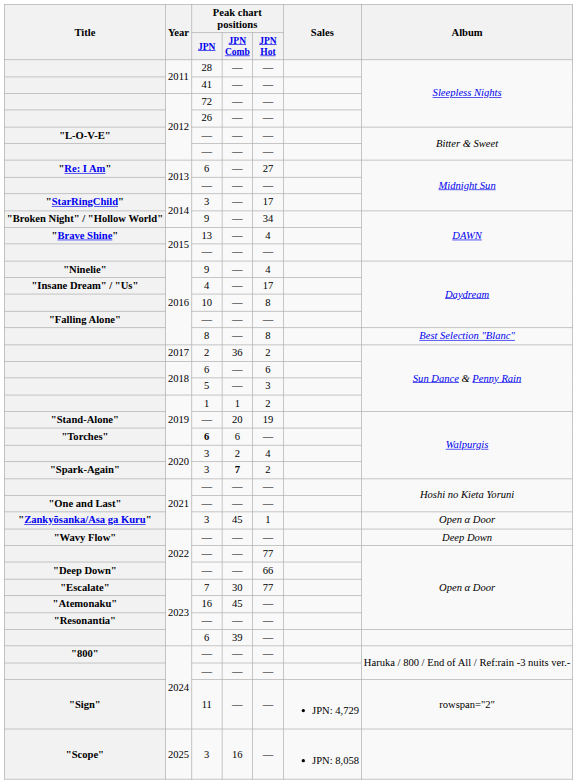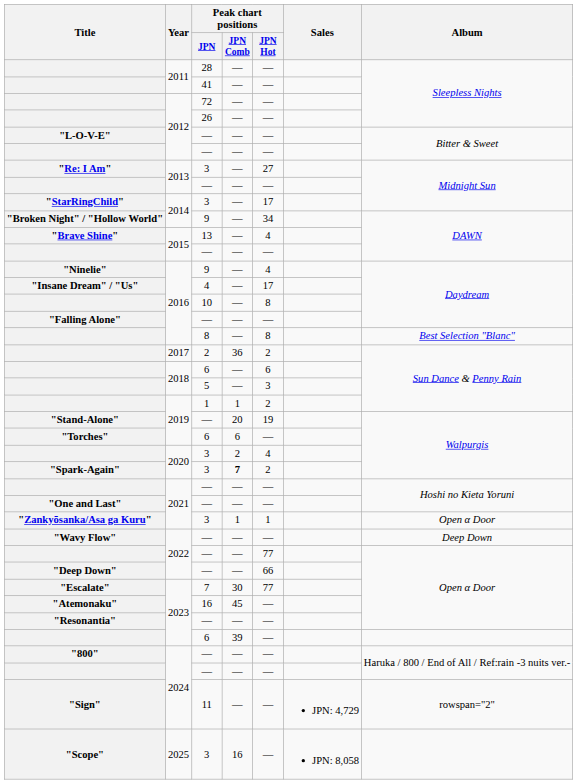 <table class="wikitable plainrowheaders" style="text-align:center">
 <tr>
 <th scope="col" rowspan="2">Title</th>
 <th scope="col" rowspan="2">Year</th>
 <th scope="col" colspan="3">Peak chart positions</th>
 <th scope="col" rowspan="2">Sales</th>
 <th rowspan="2" scope="col">Album</th>
 </tr>
 <tr>
 <th scope="col" style="font-size:90%; width:2.75em"><a href='#'>JPN</a><br></th>
 <th scope="col" style="font-size:90%; width:2.75em"><a href='#'>JPN<br>Comb</a><br></th>
 <th scope="col" style="font-size:90%; width:2.75em"><a href='#'>JPN<br>Hot</a><br></th>
 </tr>
 <tr>
 <th scope="row"></th>
 <td rowspan="2">2011</td>
 <td>28</td>
 <td>—</td>
 <td>—</td>
 <td></td>
 <td rowspan="4"><em><a href='#'>Sleepless Nights</a></em></td>
 </tr>
 <tr>
 <th scope="row"></th>
 <td>41</td>
 <td>—</td>
 <td>—</td>
 <td></td>
 </tr>
 <tr>
 <th scope="row"></th>
 <td rowspan="4">2012</td>
 <td>72</td>
 <td>—</td>
 <td>—</td>
 <td></td>
 </tr>
 <tr>
 <th scope="row"></th>
 <td>26</td>
 <td>—</td>
 <td>—</td>
 <td></td>
 </tr>
 <tr>
 <th scope="row">"L-O-V-E"</th>
 <td>—</td>
 <td>—</td>
 <td>—</td>
 <td></td>
 <td rowspan="2"><em>Bitter & Sweet</em></td>
 </tr>
 <tr>
 <th scope="row"></th>
 <td>—</td>
 <td>—</td>
 <td>—</td>
 <td></td>
 </tr>
 <tr>
 <th scope="row">"<a href='#'>Re: I Am</a>"</th>
 <td rowspan="2">2013</td>
-<td>6</td>
+<td>3</td>
 <td>—</td>
 <td>27</td>
 <td></td>
 <td rowspan="3"><em><a href='#'>Midnight Sun</a></em></td>
 </tr>
 <tr>
 <th scope="row"></th>
 <td>—</td>
 <td>—</td>
 <td>—</td>
 <td></td>
 </tr>
 <tr>
 <th scope="row">"<a href='#'>StarRingChild</a>"</th>
 <td rowspan="2">2014</td>
 <td>3</td>
 <td>—</td>
 <td>17</td>
 <td></td>
 </tr>
 <tr>
 <th scope="row">"Broken Night" / "Hollow World"</th>
 <td>9</td>
 <td>—</td>
 <td>34</td>
 <td></td>
 <td rowspan="3"><em><a href='#'>DAWN</a></em></td>
 </tr>
 <tr>
 <th scope="row">"<a href='#'>Brave Shine</a>"</th>
 <td rowspan="2">2015</td>
 <td>13</td>
 <td>—</td>
 <td>4</td>
 <td></td>
 </tr>
 <tr>
 <th scope="row"></th>
 <td>—</td>
 <td>—</td>
 <td>—</td>
 <td></td>
 </tr>
 <tr>
 <th scope="row">"Ninelie"</th>
 <td rowspan="5">2016</td>
 <td>9</td>
 <td>—</td>
 <td>4</td>
 <td></td>
 <td rowspan="4"><em><a href='#'>Daydream</a></em></td>
 </tr>
 <tr>
 <th scope="row">"Insane Dream" / "Us"</th>
 <td>4</td>
 <td>—</td>
 <td>17</td>
 <td></td>
 </tr>
 <tr>
 <th scope="row"></th>
 <td>10</td>
 <td>—</td>
 <td>8</td>
 <td></td>
 </tr>
 <tr>
 <th scope="row">"Falling Alone"</th>
 <td>—</td>
 <td>—</td>
 <td>—</td>
 <td></td>
 </tr>
 <tr>
 <th scope="row"></th>
 <td>8</td>
 <td>—</td>
 <td>8</td>
 <td></td>
 <td align="center"><a href='#'><em>Best Selection "Blanc"</em></a></td>
 </tr>
 <tr>
 <th scope="row"></th>
 <td>2017</td>
 <td>2</td>
 <td>36</td>
 <td>2</td>
 <td></td>
 <td rowspan="4"><em><a href='#'>Sun Dance</a> & <a href='#'>Penny Rain</a></em></td>
 </tr>
 <tr>
 <th scope="row"></th>
 <td rowspan="2">2018</td>
 <td>6</td>
 <td>—</td>
 <td>6</td>
 <td></td>
 </tr>
 <tr>
 <th scope="row"></th>
 <td>5</td>
 <td>—</td>
 <td>3</td>
 <td></td>
 </tr>
 <tr>
 <th scope="row"></th>
 <td rowspan="3">2019</td>
 <td>1</td>
 <td>1</td>
 <td>2</td>
 <td></td>
 </tr>
 <tr>
 <th scope="row">"Stand-Alone"</th>
 <td>—</td>
 <td>20</td>
 <td>19</td>
 <td></td>
 <td rowspan="4"><em><a href='#'>Walpurgis</a></em></td>
 </tr>
 <tr>
 <th scope="row">"Torches"</th>
-<td><strong>6</strong></td>
+<td>6</td>
 <td>6</td>
 <td>—</td>
 <td></td>
 </tr>
 <tr>
 <th scope="row"></th>
 <td rowspan="2">2020</td>
 <td>3</td>
 <td>2</td>
 <td>4</td>
 <td></td>
 </tr>
 <tr>
 <th scope="row">"Spark-Again"</th>
 <td>3</td>
 <td><strong>7</strong></td>
 <td>2</td>
 <td></td>
 </tr>
 <tr>
 <th scope="row"></th>
 <td rowspan="3">2021</td>
 <td>—</td>
 <td>—</td>
 <td>—</td>
 <td></td>
 <td rowspan="2"><em>Hoshi no Kieta Yoruni</em></td>
 </tr>
 <tr>
 <th scope="row">"One and Last"</th>
 <td>—</td>
 <td>—</td>
 <td>—</td>
 <td></td>
 </tr>
 <tr>
 <th scope="row">"<a href='#'>Zankyōsanka/Asa ga Kuru</a>"</th>
 <td>3</td>
-<td>45</td>
+<td>1</td>
 <td>1</td>
 <td></td>
 <td align="center"><em>Open α Door</em></td>
 </tr>
 <tr>
 <th scope="row">"Wavy Flow"</th>
 <td rowspan="3">2022</td>
 <td>—</td>
 <td>—</td>
 <td>—</td>
 <td></td>
 <td><em>Deep Down</em></td>
 </tr>
 <tr>
 <th scope="row"></th>
 <td>—</td>
 <td>—</td>
 <td>77</td>
 <td></td>
 <td rowspan="5"><em>Open α Door</em></td>
 </tr>
 <tr>
 <th scope="row">"Deep Down"</th>
 <td>—</td>
 <td>—</td>
 <td>66</td>
 <td></td>
 </tr>
 <tr>
 <th scope="row">"Escalate"</th>
 <td rowspan="4">2023</td>
 <td>7</td>
 <td>30</td>
 <td>77</td>
 <td></td>
 </tr>
 <tr>
 <th scope="row">"Atemonaku"</th>
 <td>16</td>
 <td>45</td>
 <td>—</td>
 <td></td>
 </tr>
 <tr>
 <th scope="row">"Resonantia"</th>
 <td>—</td>
 <td>—</td>
 <td>—</td>
 <td></td>
 </tr>
 <tr>
 <th scope="row"></th>
 <td>6</td>
 <td>39</td>
 <td>—</td>
 <td></td>
 <td></td>
 </tr>
 <tr>
 <th scope="row">"800"</th>
 <td rowspan="3">2024</td>
 <td>—</td>
 <td>—</td>
 <td>—</td>
 <td></td>
 <td rowspan="2" align="center">Haruka / 800 / End of All / Ref:rain -3 nuits ver.-</td>
 </tr>
 <tr>
 <th scope="row"></th>
 <td>—</td>
 <td>—</td>
 <td>—</td>
 <td></td>
 </tr>
 <tr>
 <th scope="row">"Sign"</th>
 <td>11</td>
 <td>—</td>
 <td>—</td>
 <td><br><ul><li>JPN: 4,729 </li></ul></td>
 <td>rowspan="2" </td>
 </tr>
 <tr>
 <th scope="row">"Scope"</th>
 <td>2025</td>
 <td>3</td>
 <td>16</td>
 <td>—</td>
 <td><br><ul><li>JPN: 8,058 </li></ul></td>
 </tr>
 </table>
